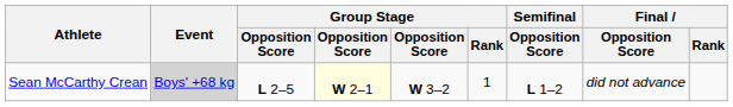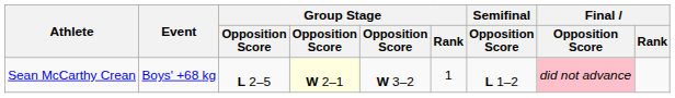 <table class="wikitable" style="font-size:90%">
 <tr>
 <th rowspan=2>Athlete</th>
 <th rowspan=2>Event</th>
 <th colspan=4>Group Stage</th>
 <th colspan=1>Semifinal</th>
 <th colspan=2>Final / </th>
 </tr>
 <tr style="font-size:95%">
 <th>Opposition<br>Score</th>
 <th>Opposition<br>Score</th>
 <th>Opposition<br>Score</th>
 <th>Rank</th>
 <th>Opposition<br>Score</th>
 <th>Opposition<br>Score</th>
 <th>Rank</th>
 </tr>
 <tr align=center>
 <td align=left><a href='#'>Sean McCarthy Crean</a></td>
-<td align=left style="background: lightgrey;"><a href='#'>Boys' +68 kg</a></td>
+<td align=left><a href='#'>Boys' +68 kg</a></td>
 <td><br> <strong>L</strong> 2–5</td>
 <td style="background: lightyellow;"><br> <strong>W</strong> 2–1</td>
 <td><br> <strong>W</strong> 3–2</td>
 <td>1</td>
 <td><br> <strong>L</strong> 1–2</td>
-<td><em>did not advance</em></td>
+<td style="background: pink;"><em>did not advance</em></td>
 <td></td>
 </tr>
 </table>
